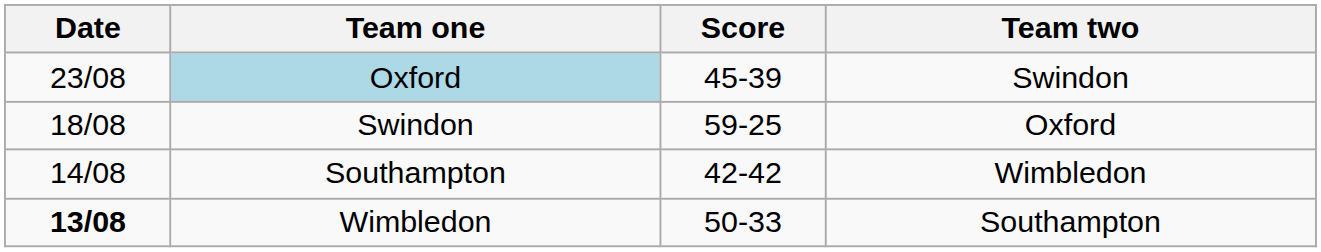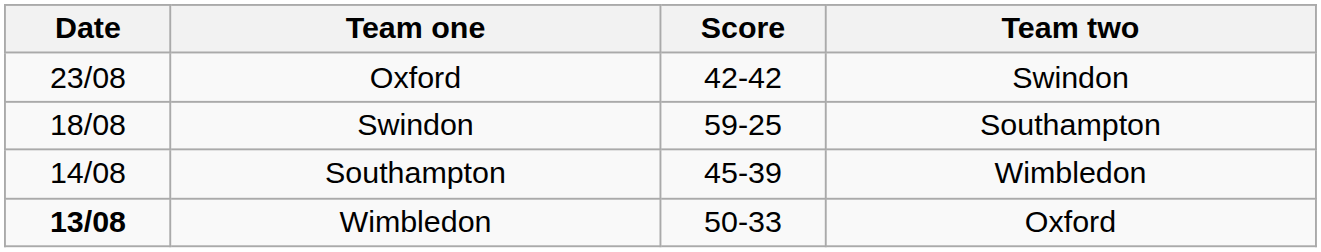 <table class="wikitable" style="text-align: center">
 <tr>
 <th width=80>Date</th>
 <th width=250>Team one</th>
 <th width=80>Score</th>
 <th width=250>Team two</th>
 </tr>
 <tr>
 <td>23/08</td>
-<td style="background: lightblue;">Oxford</td>
-<td>45-39</td>
+<td>Oxford</td>
+<td>42-42</td>
 <td>Swindon</td>
 </tr>
 <tr>
 <td>18/08</td>
 <td>Swindon</td>
 <td>59-25</td>
-<td>Oxford</td>
+<td>Southampton</td>
 </tr>
 <tr>
 <td>14/08</td>
 <td>Southampton</td>
-<td>42-42</td>
+<td>45-39</td>
 <td>Wimbledon</td>
 </tr>
 <tr>
 <td><strong>13/08</strong></td>
 <td>Wimbledon</td>
 <td>50-33</td>
-<td>Southampton</td>
+<td>Oxford</td>
 </tr>
 </table>
